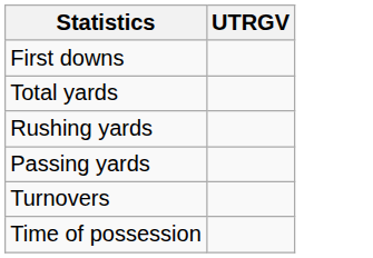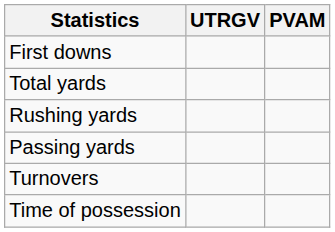 <table class="wikitable" style="float:left">
 <tr>
 <th>Statistics</th>
 <th>UTRGV</th>
+<th>PVAM</th>
 </tr>
 <tr>
 <td>First downs</td>
+<td></td>
 <td></td>
 </tr>
 <tr>
 <td>Total yards</td>
 <td></td>
+<td></td>
 </tr>
 <tr>
 <td>Rushing yards</td>
+<td></td>
 <td></td>
 </tr>
 <tr>
 <td>Passing yards</td>
 <td></td>
+<td></td>
 </tr>
 <tr>
 <td>Turnovers</td>
+<td></td>
 <td></td>
 </tr>
 <tr>
 <td>Time of possession</td>
 <td></td>
+<td></td>
 </tr>
 </table>
